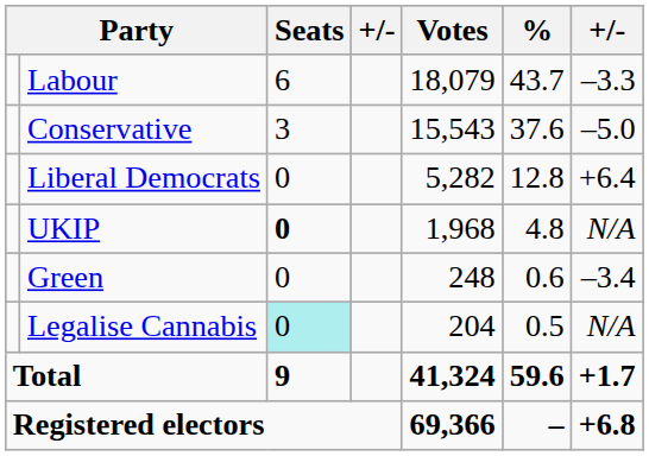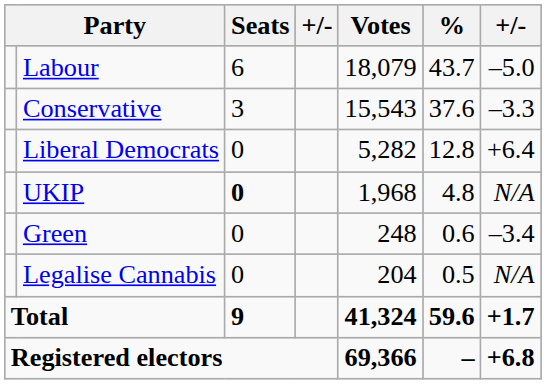 <table class="wikitable sortable">
 <tr>
 <th colspan="2">Party</th>
 <th>Seats</th>
 <th>+/-</th>
 <th>Votes</th>
 <th>%</th>
 <th>+/-</th>
 </tr>
 <tr>
 <td style="background-color: "></td>
 <td><a href='#'>Labour</a></td>
 <td>6</td>
 <td></td>
 <td style="text-align:right;">18,079</td>
 <td style="text-align:right;">43.7</td>
-<td style="text-align:right;">–3.3</td>
+<td style="text-align:right;">–5.0</td>
 </tr>
 <tr>
 <td style="background-color: "></td>
 <td><a href='#'>Conservative</a></td>
 <td>3</td>
 <td></td>
 <td style="text-align:right;">15,543</td>
 <td style="text-align:right;">37.6</td>
-<td style="text-align:right;">–5.0</td>
+<td style="text-align:right;">–3.3</td>
 </tr>
 <tr>
 <td style="background-color: "></td>
 <td><a href='#'>Liberal Democrats</a></td>
 <td>0</td>
 <td></td>
 <td style="text-align:right;">5,282</td>
 <td style="text-align:right;">12.8</td>
 <td style="text-align:right;">+6.4</td>
 </tr>
 <tr>
 <td style="background-color: "></td>
 <td><a href='#'>UKIP</a></td>
 <td><strong>0</strong></td>
 <td></td>
 <td style="text-align:right;">1,968</td>
 <td style="text-align:right;">4.8</td>
 <td style="text-align:right;"><em>N/A</em></td>
 </tr>
 <tr>
 <td style="background-color: "></td>
 <td><a href='#'>Green</a></td>
 <td>0</td>
 <td></td>
 <td style="text-align:right;">248</td>
 <td style="text-align:right;">0.6</td>
 <td style="text-align:right;">–3.4</td>
 </tr>
 <tr>
 <td style="background-color: "></td>
 <td><a href='#'>Legalise Cannabis</a></td>
-<td style="background: paleturquoise;">0</td>
+<td>0</td>
 <td></td>
 <td style="text-align:right;">204</td>
 <td style="text-align:right;">0.5</td>
 <td style="text-align:right;"><em>N/A</em></td>
 </tr>
 <tr>
 <td colspan="2"><strong>Total</strong></td>
 <td><strong>9</strong></td>
 <td></td>
 <td style="text-align:right;"><strong>41,324</strong></td>
 <td style="text-align:right;"><strong>59.6</strong></td>
 <td style="text-align:right;"><strong>+1.7</strong></td>
 </tr>
 <tr>
 <td colspan="4"><strong>Registered electors</strong></td>
 <td style="text-align:right;"><strong>69,366</strong></td>
 <td style="text-align:right;"><strong>–</strong></td>
 <td style="text-align:right;"><strong>+6.8</strong></td>
 </tr>
 </table>
